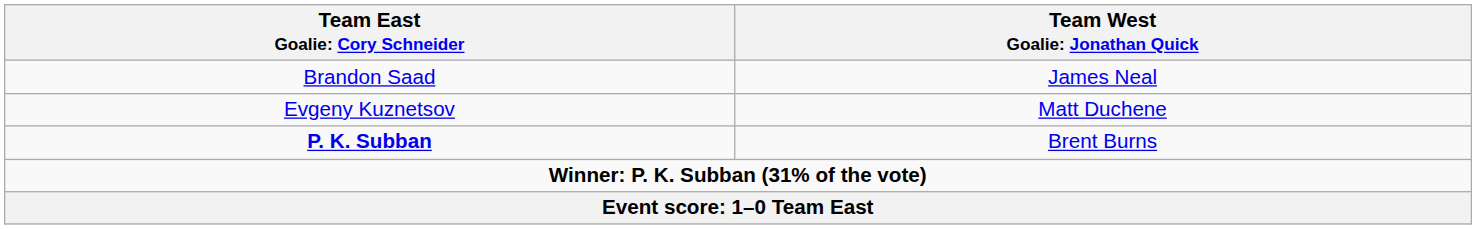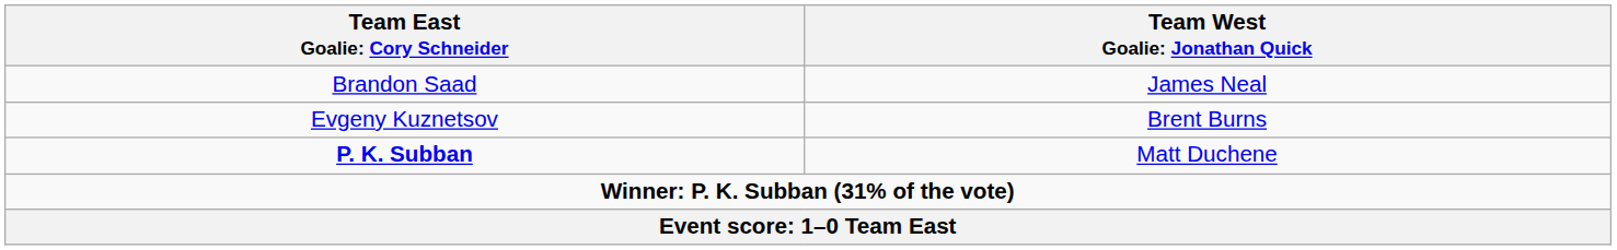 <table width="90%" class="wikitable">
 <tr>
 <th>Team East <br> <small>Goalie: <a href='#'>Cory Schneider</a></small></th>
 <th>Team West <br> <small>Goalie: <a href='#'>Jonathan Quick</a></small></th>
 </tr>
 <tr align="center">
 <td><a href='#'>Brandon Saad</a></td>
 <td><a href='#'>James Neal</a></td>
 </tr>
 <tr align="center">
 <td><a href='#'>Evgeny Kuznetsov</a></td>
-<td><a href='#'>Matt Duchene</a></td>
+<td><a href='#'>Brent Burns</a></td>
 </tr>
 <tr align="center">
 <td><strong><a href='#'>P. K. Subban</a></strong></td>
-<td><a href='#'>Brent Burns</a></td>
+<td><a href='#'>Matt Duchene</a></td>
 </tr>
 <tr align="center">
 <td colspan="4"><strong>Winner: P. K. Subban (31% of the vote)</strong></td>
 </tr>
 <tr align="center">
 <th colspan="4">Event score: 1–0 Team East</th>
 </tr>
 </table>
